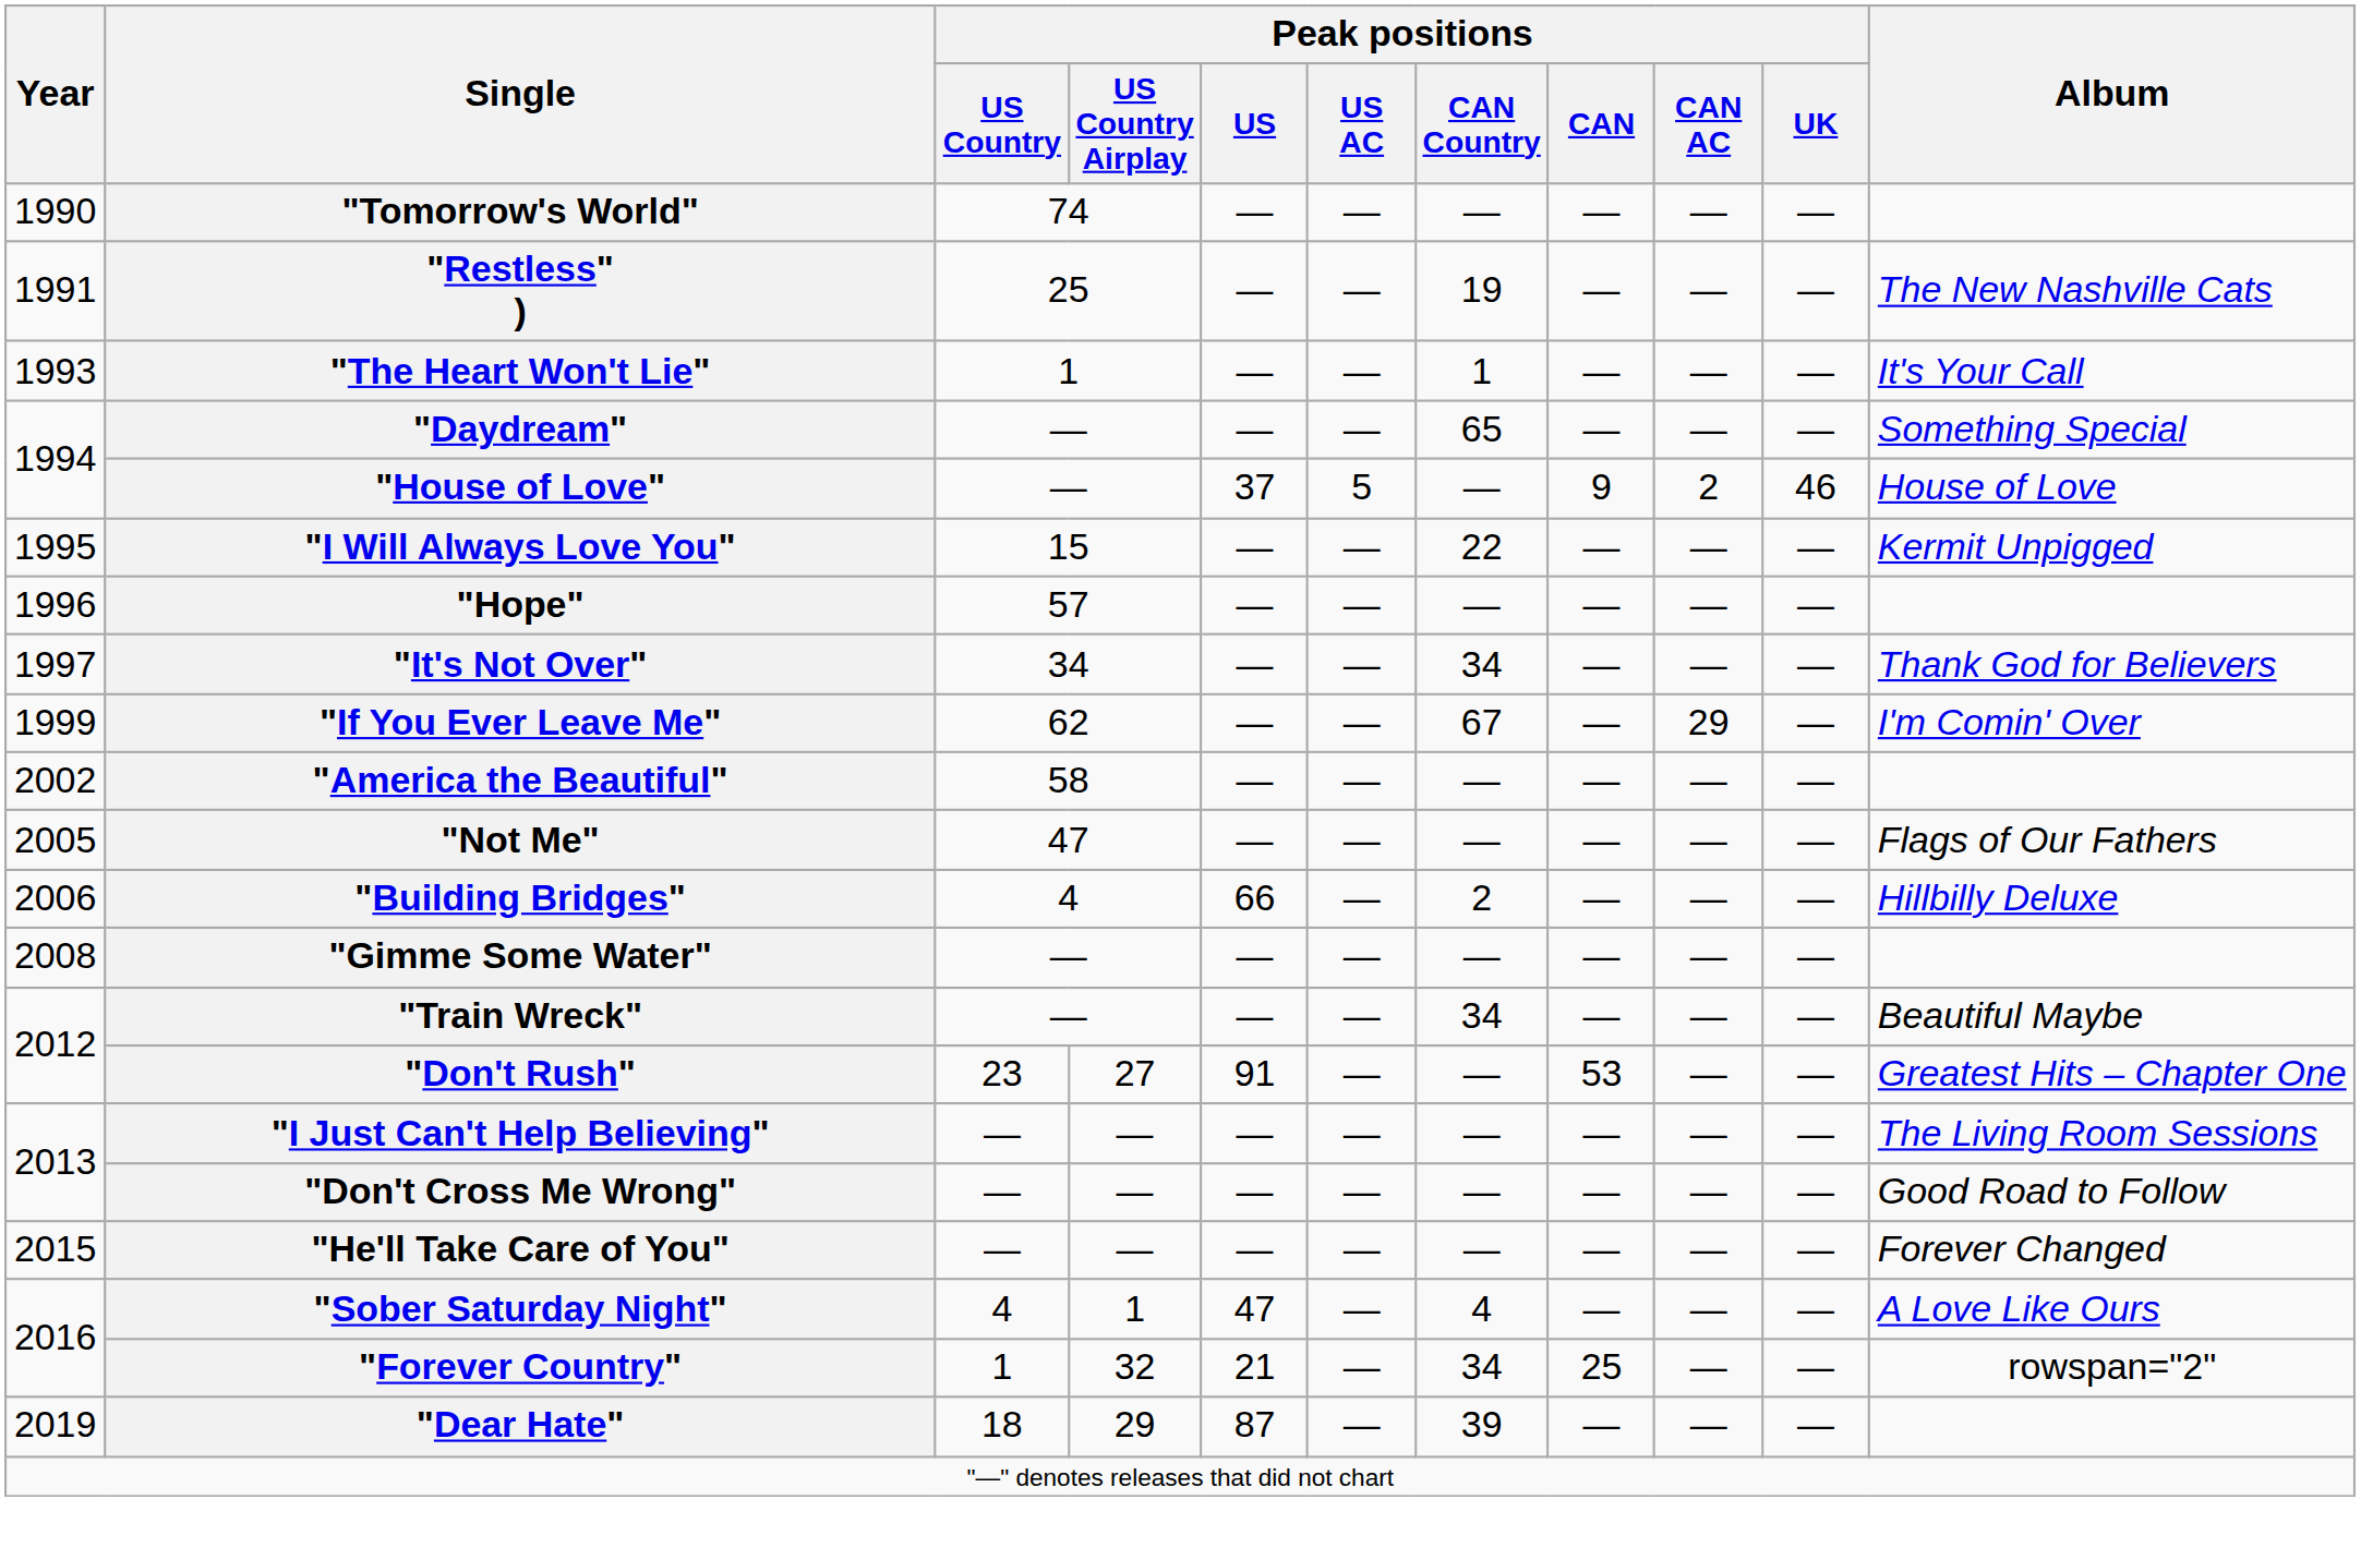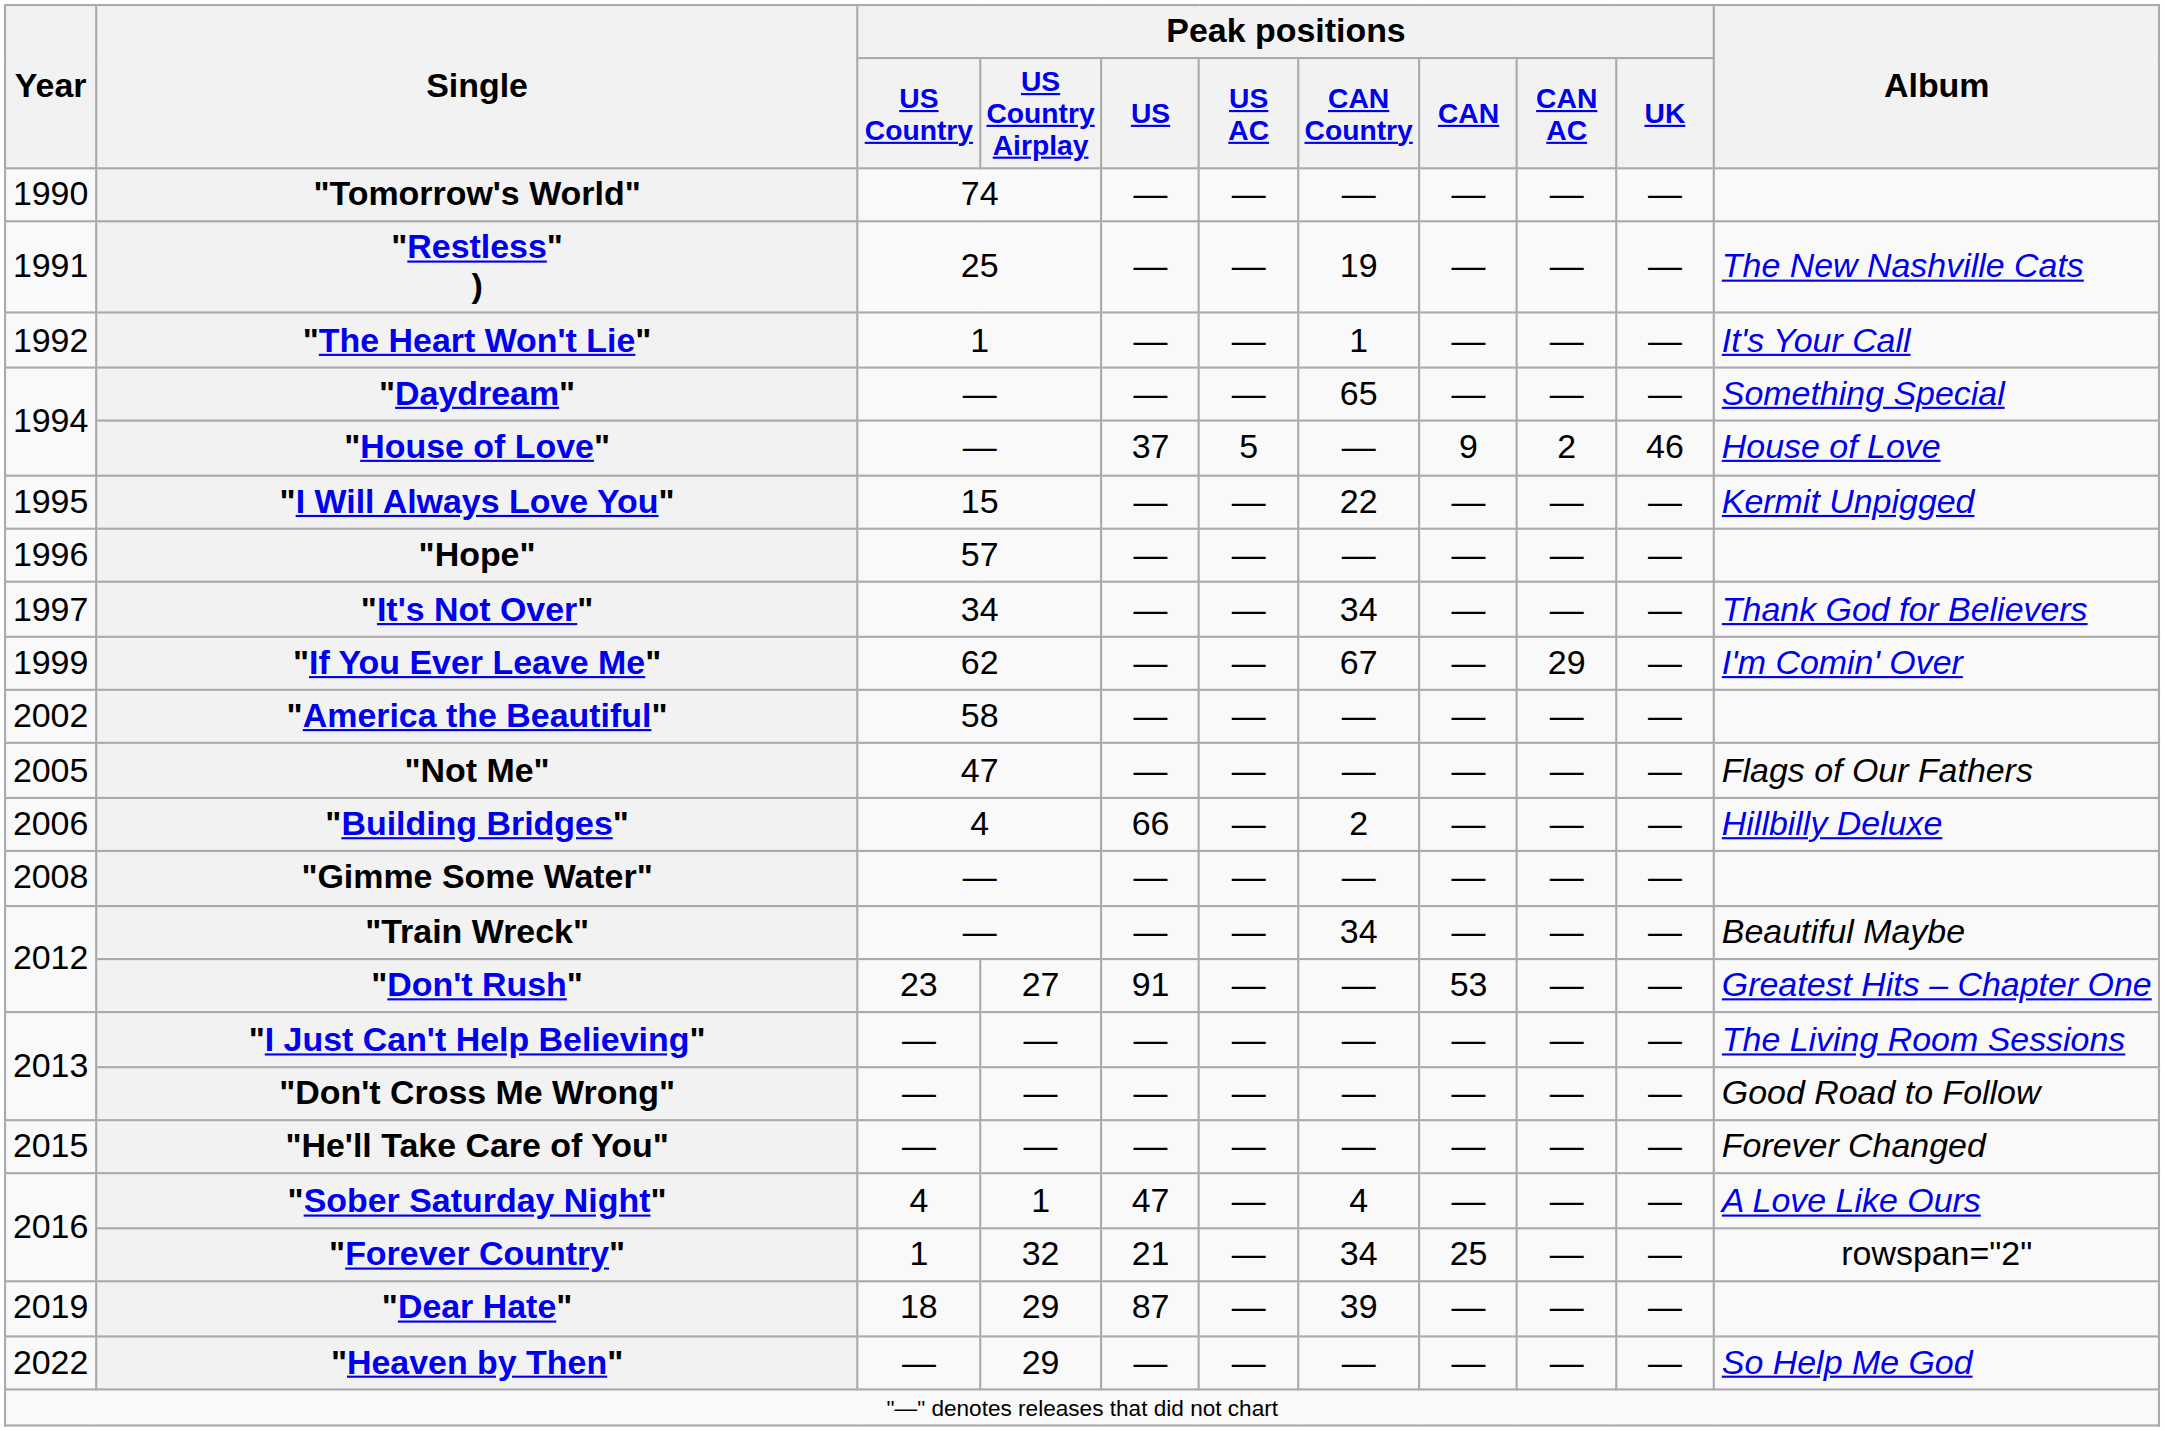 <table class="wikitable plainrowheaders" style="text-align:center;">
 <tr>
 <th rowspan="2">Year</th>
 <th rowspan="2" style="width:22em;">Single</th>
 <th colspan="8">Peak positions</th>
 <th rowspan="2">Album</th>
 </tr>
 <tr style="font-size:smaller;">
 <th width="40"><a href='#'>US Country</a><br></th>
 <th width="40"><a href='#'>US Country Airplay</a><br></th>
 <th width="40"><a href='#'>US</a><br></th>
 <th width="40"><a href='#'>US AC</a><br></th>
 <th width="40"><a href='#'>CAN Country</a><br></th>
 <th width="40"><a href='#'>CAN</a><br></th>
 <th width="40"><a href='#'>CAN AC</a><br></th>
 <th width="40"><a href='#'>UK</a><br></th>
 </tr>
 <tr>
 <td>1990</td>
 <th scope="row">"Tomorrow's World"</th>
 <td colspan="2">74</td>
 <td>—</td>
 <td>—</td>
 <td>—</td>
 <td>—</td>
 <td>—</td>
 <td>—</td>
 <td></td>
 </tr>
 <tr>
 <td>1991</td>
 <th scope="row">"<a href='#'>Restless</a>"<br>)</th>
 <td colspan="2">25</td>
 <td>—</td>
 <td>—</td>
 <td>19</td>
 <td>—</td>
 <td>—</td>
 <td>—</td>
 <td align="left"><em><a href='#'>The New Nashville Cats</a></em></td>
 </tr>
 <tr>
-<td>1993</td>
+<td>1992</td>
 <th scope="row">"<a href='#'>The Heart Won't Lie</a>"<br></th>
 <td colspan="2">1</td>
 <td>—</td>
 <td>—</td>
 <td>1</td>
 <td>—</td>
 <td>—</td>
 <td>—</td>
 <td align="left"><em><a href='#'>It's Your Call</a></em></td>
 </tr>
 <tr>
 <td rowspan="2">1994</td>
 <th scope="row">"<a href='#'>Daydream</a>"<br></th>
 <td colspan="2">—</td>
 <td>—</td>
 <td>—</td>
 <td>65</td>
 <td>—</td>
 <td>—</td>
 <td>—</td>
 <td align="left"><em><a href='#'>Something Special</a></em></td>
 </tr>
 <tr>
 <th scope="row">"<a href='#'>House of Love</a>"<br></th>
 <td colspan="2">—</td>
 <td>37</td>
 <td>5</td>
 <td>—</td>
 <td>9</td>
 <td>2</td>
 <td>46</td>
 <td align="left"><em><a href='#'>House of Love</a></em></td>
 </tr>
 <tr>
 <td>1995</td>
 <th scope="row">"<a href='#'>I Will Always Love You</a>"<br></th>
 <td colspan="2">15</td>
 <td>—</td>
 <td>—</td>
 <td>22</td>
 <td>—</td>
 <td>—</td>
 <td>—</td>
 <td align="left"><em><a href='#'>Kermit Unpigged</a></em></td>
 </tr>
 <tr>
 <td>1996</td>
 <th scope="row">"Hope"<br></th>
 <td colspan="2">57</td>
 <td>—</td>
 <td>—</td>
 <td>—</td>
 <td>—</td>
 <td>—</td>
 <td>—</td>
 <td></td>
 </tr>
 <tr>
 <td>1997</td>
 <th scope="row">"<a href='#'>It's Not Over</a>"<br></th>
 <td colspan="2">34</td>
 <td>—</td>
 <td>—</td>
 <td>34</td>
 <td>—</td>
 <td>—</td>
 <td>—</td>
 <td align="left"><em><a href='#'>Thank God for Believers</a></em></td>
 </tr>
 <tr>
 <td>1999</td>
 <th scope="row">"<a href='#'>If You Ever Leave Me</a>"<br></th>
 <td colspan="2">62</td>
 <td>—</td>
 <td>—</td>
 <td>67</td>
 <td>—</td>
 <td>29</td>
 <td>—</td>
 <td align="left"><em><a href='#'>I'm Comin' Over</a></em></td>
 </tr>
 <tr>
 <td>2002</td>
 <th scope="row">"<a href='#'>America the Beautiful</a>"</th>
 <td colspan="2">58</td>
 <td>—</td>
 <td>—</td>
 <td>—</td>
 <td>—</td>
 <td>—</td>
 <td>—</td>
 <td></td>
 </tr>
 <tr>
 <td>2005</td>
 <th scope="row">"Not Me"<br></th>
 <td colspan="2">47</td>
 <td>—</td>
 <td>—</td>
 <td>—</td>
 <td>—</td>
 <td>—</td>
 <td>—</td>
 <td align="left"><em>Flags of Our Fathers</em></td>
 </tr>
 <tr>
 <td>2006</td>
 <th scope="row">"<a href='#'>Building Bridges</a>"<br></th>
 <td colspan="2">4</td>
 <td>66</td>
 <td>—</td>
 <td>2</td>
 <td>—</td>
 <td>—</td>
 <td>—</td>
 <td align="left"><em><a href='#'>Hillbilly Deluxe</a></em></td>
 </tr>
 <tr>
 <td>2008</td>
 <th scope="row">"Gimme Some Water"<br></th>
 <td colspan="2">—</td>
 <td>—</td>
 <td>—</td>
 <td>—</td>
 <td>—</td>
 <td>—</td>
 <td>—</td>
 <td></td>
 </tr>
 <tr>
 <td rowspan="2">2012</td>
 <th scope="row">"Train Wreck"<br></th>
 <td colspan="2">—</td>
 <td>—</td>
 <td>—</td>
 <td>34</td>
 <td>—</td>
 <td>—</td>
 <td>—</td>
 <td align="left"><em>Beautiful Maybe</em></td>
 </tr>
 <tr>
 <th scope="row">"<a href='#'>Don't Rush</a>"<br></th>
 <td>23</td>
 <td>27</td>
 <td>91</td>
 <td>—</td>
 <td>—</td>
 <td>53</td>
 <td>—</td>
 <td>—</td>
 <td align="left"><em><a href='#'>Greatest Hits – Chapter One</a></em></td>
 </tr>
 <tr>
 <td rowspan="2">2013</td>
 <th scope="row">"<a href='#'>I Just Can't Help Believing</a>"<br></th>
 <td>—</td>
 <td>—</td>
 <td>—</td>
 <td>—</td>
 <td>—</td>
 <td>—</td>
 <td>—</td>
 <td>—</td>
 <td align="left"><em><a href='#'>The Living Room Sessions</a></em></td>
 </tr>
 <tr>
 <th scope="row">"Don't Cross Me Wrong"<br></th>
 <td>—</td>
 <td>—</td>
 <td>—</td>
 <td>—</td>
 <td>—</td>
 <td>—</td>
 <td>—</td>
 <td>—</td>
 <td align="left"><em>Good Road to Follow</em></td>
 </tr>
 <tr>
 <td>2015</td>
 <th scope="row">"He'll Take Care of You"<br></th>
 <td>—</td>
 <td>—</td>
 <td>—</td>
 <td>—</td>
 <td>—</td>
 <td>—</td>
 <td>—</td>
 <td>—</td>
 <td align="left"><em>Forever Changed</em></td>
 </tr>
 <tr>
 <td rowspan="2">2016</td>
 <th scope="row">"<a href='#'>Sober Saturday Night</a>"<br></th>
 <td>4</td>
 <td>1</td>
 <td>47</td>
 <td>—</td>
 <td>4</td>
 <td>—</td>
 <td>—</td>
 <td>—</td>
 <td align="left"><em><a href='#'>A Love Like Ours</a></em></td>
 </tr>
 <tr>
 <th scope="row">"<a href='#'>Forever Country</a>"<br></th>
 <td>1</td>
 <td>32</td>
 <td>21</td>
 <td>—</td>
 <td>34</td>
 <td>25</td>
 <td>—</td>
 <td>—</td>
 <td>rowspan="2" </td>
 </tr>
 <tr>
 <td>2019</td>
 <th scope="row">"<a href='#'>Dear Hate</a>"<br></th>
 <td>18</td>
 <td>29</td>
 <td>87</td>
 <td>—</td>
 <td>39</td>
 <td>—</td>
 <td>—</td>
 <td>—</td>
 </tr>
 <tr>
+<td>2022</td>
+<th scope="row">"<a href='#'>Heaven by Then</a>"<br></th>
+<td>—</td>
+<td>29</td>
+<td>—</td>
+<td>—</td>
+<td>—</td>
+<td>—</td>
+<td>—</td>
+<td>—</td>
+<td align="left"><em><a href='#'>So Help Me God</a></em></td>
+</tr>
+<tr>
 <td colspan="11" style="font-size:8pt">"—" denotes releases that did not chart</td>
 </tr>
 </table>
